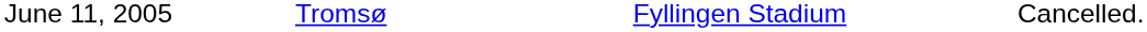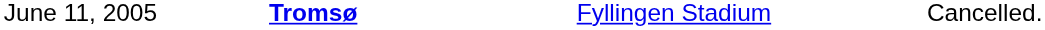 <table cellpadding="2" style="border: 0px solid darkgray; font-size:90%">
 <tr>
 <th width="150"></th>
 <th width="175"></th>
 <th width="200"></th>
 <th width="250"></th>
 </tr>
 <tr border="0">
 <td>June 11, 2005</td>
-<td><a href='#'>Tromsø</a></td>
+<td><strong><a href='#'>Tromsø</a></strong></td>
 <td><a href='#'>Fyllingen Stadium</a></td>
 <td>Cancelled.</td>
 </tr>
 <tr>
 </tr>
 </table>
